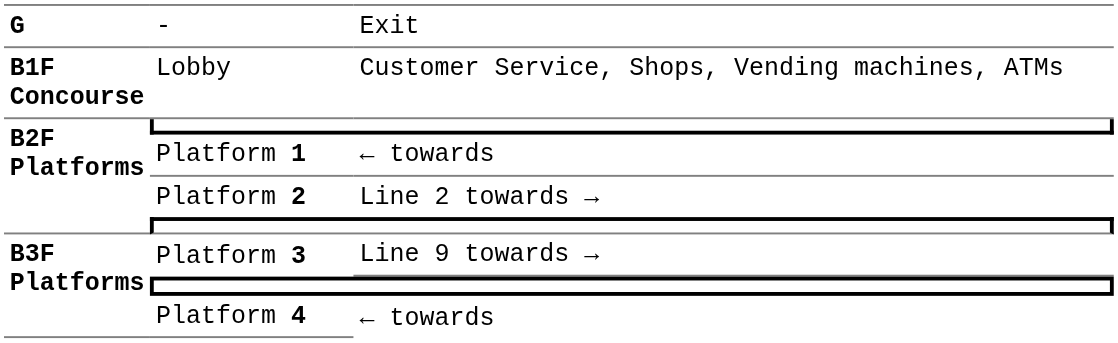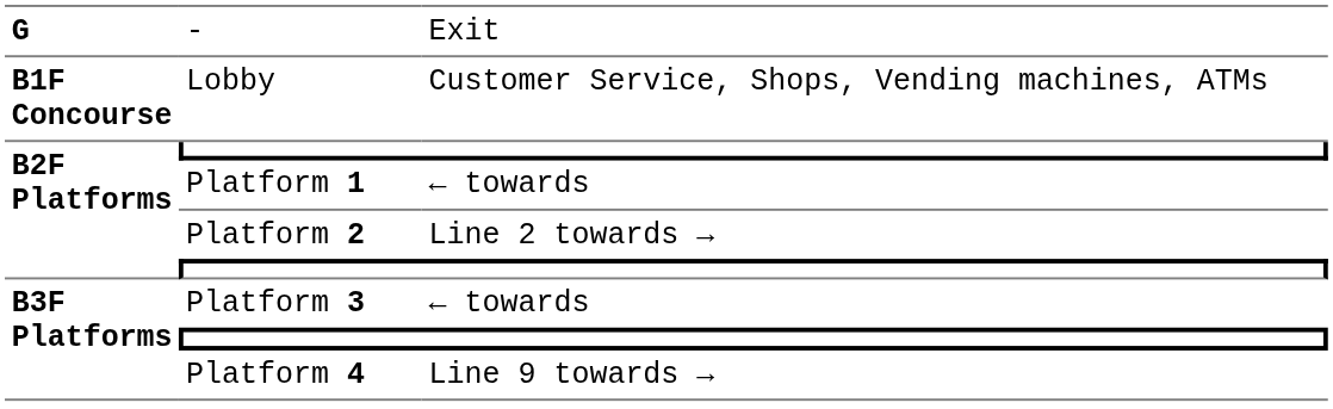 <table table border=0 cellspacing=0 cellpadding=3>
 <tr>
 <td style="border-top:solid 1px gray;" width=50 valign=top><strong>G</strong></td>
 <td style="border-top:solid 1px gray;" width=100 valign=top>-</td>
 <td style="border-top:solid 1px gray;" width=390 valign=top>Exit</td>
 </tr>
 <tr>
 <td style="border-bottom:solid 1px gray; border-top:solid 1px gray;" valign=top width=50><strong>B1F<br>Concourse</strong></td>
 <td style="border-bottom:solid 1px gray; border-top:solid 1px gray;" valign=top width=100>Lobby</td>
 <td style="border-bottom:solid 1px gray; border-top:solid 1px gray;" valign=top width=390>Customer Service, Shops, Vending machines, ATMs</td>
 </tr>
 <tr>
 <td style="border-bottom:solid 1px gray;" rowspan="4" valign=top><strong>B2F<br>Platforms</strong></td>
 <td style="border-right:solid 2px black;border-left:solid 2px black;border-bottom:solid 2px black;text-align:center;" colspan=2></td>
 </tr>
 <tr>
 <td>Platform <strong>1</strong></td>
 <td>←  towards  </td>
 </tr>
 <tr>
 <td style="border-top:solid 1px gray;">Platform <strong>2</strong></td>
 <td style="border-top:solid 1px gray;">  Line 2 towards   →</td>
 </tr>
 <tr>
 <td style="border-right:solid 2px black;border-left:solid 2px black;border-top:solid 2px black;border-bottom:solid 1px gray;text-align:center;" colspan=2></td>
 </tr>
 <tr>
 <td style="border-bottom:solid 1px gray;" rowspan=4 valign=top><strong>B3F<br>Platforms</strong></td>
 <td>Platform <strong>3</strong></td>
-<td style="border-bottom:solid 1px gray;">  Line 9 towards   →</td>
+<td>←  towards  </td>
 </tr>
 <tr>
 <td style="border-right:solid 2px black;border-left:solid 2px black;border-top:solid 2px black;border-bottom:solid 2px black;text-align:center;" colspan=2></td>
 </tr>
 <tr>
 <td style="border-bottom:solid 1px gray;">Platform <strong>4</strong></td>
-<td>←  towards  </td>
+<td style="border-bottom:solid 1px gray;">  Line 9 towards   →</td>
 </tr>
 </table>
